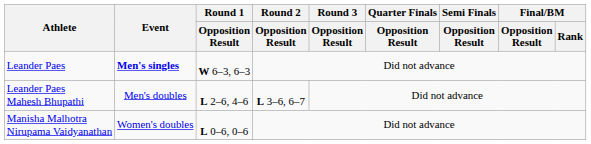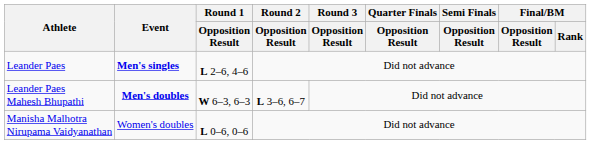 <table class="wikitable" style="text-align:center">
 <tr>
 <th rowspan="2">Athlete</th>
 <th rowspan="2">Event</th>
 <th>Round 1</th>
 <th>Round 2</th>
 <th>Round 3</th>
 <th>Quarter Finals</th>
 <th>Semi Finals</th>
 <th colspan="2">Final/BM</th>
 </tr>
 <tr>
 <th>Opposition<br>Result</th>
 <th>Opposition<br>Result</th>
 <th>Opposition<br>Result</th>
 <th>Opposition<br>Result</th>
 <th>Opposition<br>Result</th>
 <th>Opposition<br>Result</th>
 <th>Rank</th>
 </tr>
 <tr>
 <td align="left"><a href='#'>Leander Paes</a></td>
 <td align= left><strong><a href='#'>Men's singles</a></strong></td>
-<td><br><strong>W</strong> 6–3, 6–3</td>
+<td><br><strong>L</strong> 2–6, 4–6</td>
 <td colspan="6">Did not advance</td>
 </tr>
 <tr>
 <td align="left"><a href='#'>Leander Paes</a><br><a href='#'>Mahesh Bhupathi</a></td>
-<td><a href='#'>Men's doubles</a></td>
-<td><br><strong>L</strong> 2–6, 4–6</td>
+<td><strong><a href='#'>Men's doubles</a></strong></td>
+<td><br><strong>W</strong> 6–3, 6–3</td>
 <td><br><strong>L</strong> 3–6, 6–7</td>
 <td colspan="5">Did not advance</td>
 </tr>
 <tr>
 <td align="left"><a href='#'>Manisha Malhotra</a><br><a href='#'>Nirupama Vaidyanathan</a></td>
 <td align="left"><a href='#'>Women's doubles</a></td>
 <td><br><strong>L</strong> 0–6, 0–6</td>
 <td colspan="6">Did not advance</td>
 </tr>
 </table>
